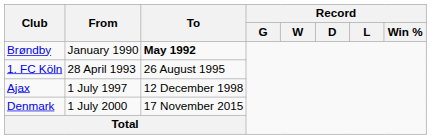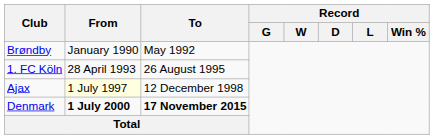 <table class="wikitable" style="text-align: center">
 <tr>
 <th rowspan=2>Club</th>
 <th rowspan=2>From</th>
 <th rowspan=2>To</th>
 <th colspan=7>Record</th>
 </tr>
 <tr>
 <th width=40>G</th>
 <th width=40>W</th>
 <th width=40>D</th>
 <th width=40>L</th>
 <th width=50>Win %</th>
 </tr>
 <tr>
 <td align=left><a href='#'>Brøndby</a></td>
 <td align=left>January 1990</td>
-<td align=left><strong>May 1992<br></strong></td>
+<td align=left>May 1992<br></td>
 </tr>
 <tr>
 <td align=left><a href='#'>1. FC Köln</a></td>
 <td align=left>28 April 1993</td>
 <td align=left>26 August 1995<br></td>
 </tr>
 <tr>
 <td align=left><a href='#'>Ajax</a></td>
-<td align=left>1 July 1997</td>
+<td align=left style="background: lightyellow;">1 July 1997</td>
 <td align=left>12 December 1998<br></td>
 </tr>
 <tr>
 <td align=left><a href='#'>Denmark</a></td>
-<td align=left>1 July 2000</td>
-<td align=left>17 November 2015<br></td>
+<td align=left><strong>1 July 2000</strong></td>
+<td align=left><strong>17 November 2015<br></strong></td>
 </tr>
 <tr>
 <th colspan="3">Total<br></th>
 </tr>
 </table>
